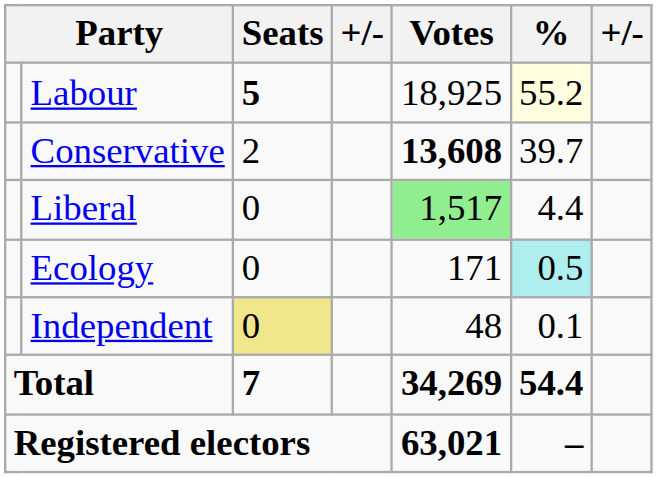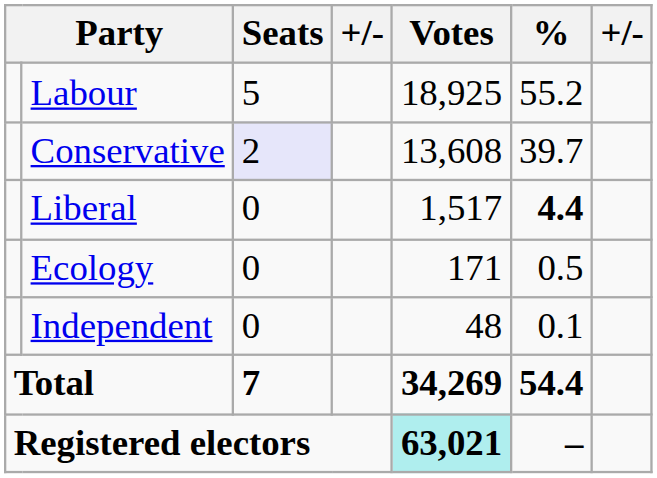 <table class="wikitable sortable">
 <tr>
 <th colspan="2">Party</th>
 <th>Seats</th>
 <th>+/-</th>
 <th>Votes</th>
 <th>%</th>
 <th>+/-</th>
 </tr>
 <tr>
 <td style="background-color: "></td>
 <td><a href='#'>Labour</a></td>
-<td><strong>5</strong></td>
+<td>5</td>
 <td></td>
 <td style="text-align:right;">18,925</td>
-<td style="background: lightyellow; text-align:right;">55.2</td>
+<td style="text-align:right;">55.2</td>
 <td style="text-align:right;"></td>
 </tr>
 <tr>
 <td style="background-color: "></td>
 <td><a href='#'>Conservative</a></td>
-<td>2</td>
+<td style="background: lavender;">2</td>
 <td></td>
-<td style="text-align:right;"><strong>13,608</strong></td>
+<td style="text-align:right;">13,608</td>
 <td style="text-align:right;">39.7</td>
 <td style="text-align:right;"></td>
 </tr>
 <tr>
 <td style="background-color: "></td>
 <td><a href='#'>Liberal</a></td>
 <td>0</td>
 <td></td>
-<td style="background: lightgreen; text-align:right;">1,517</td>
-<td style="text-align:right;">4.4</td>
+<td style="text-align:right;">1,517</td>
+<td style="text-align:right;"><strong>4.4</strong></td>
 <td style="text-align:right;"></td>
 </tr>
 <tr>
 <td style="background-color: "></td>
 <td><a href='#'>Ecology</a></td>
 <td>0</td>
 <td></td>
 <td style="text-align:right;">171</td>
-<td style="background: paleturquoise; text-align:right;">0.5</td>
+<td style="text-align:right;">0.5</td>
 <td style="text-align:right;"></td>
 </tr>
 <tr>
 <td style="background-color: "></td>
 <td><a href='#'>Independent</a></td>
-<td style="background: khaki;">0</td>
+<td>0</td>
 <td></td>
 <td style="text-align:right;">48</td>
 <td style="text-align:right;">0.1</td>
 <td style="text-align:right;"></td>
 </tr>
 <tr>
 <td colspan="2"><strong>Total</strong></td>
 <td><strong>7</strong></td>
 <td></td>
 <td style="text-align:right;"><strong>34,269</strong></td>
 <td style="text-align:right;"><strong>54.4</strong></td>
 <td style="text-align:right;"></td>
 </tr>
 <tr>
 <td colspan="4"><strong>Registered electors</strong></td>
-<td style="text-align:right;"><strong>63,021</strong></td>
+<td style="background: paleturquoise; text-align:right;"><strong>63,021</strong></td>
 <td style="text-align:right;"><strong>–</strong></td>
 <td style="text-align:right;"></td>
 </tr>
 </table>
